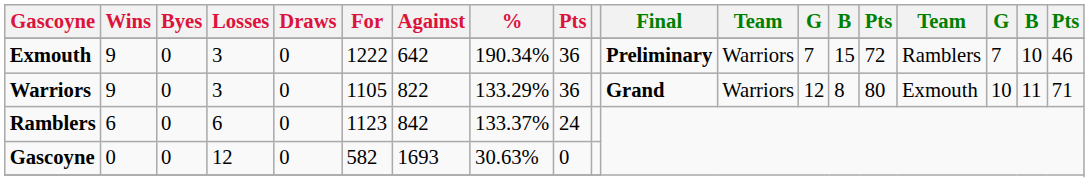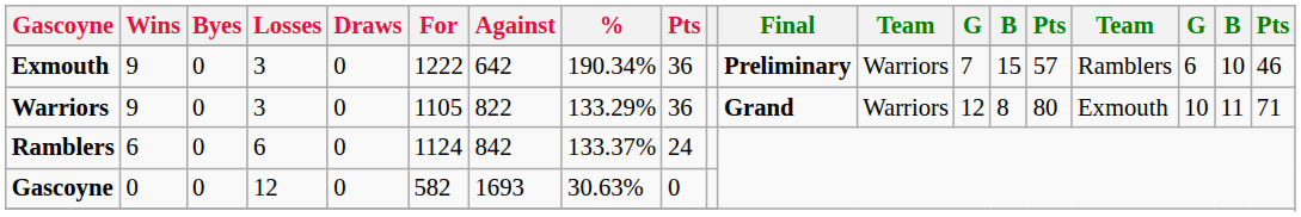 <table style="font-size: 85%; text-align: left;" class="wikitable">
 <tr>
 <th style="color:crimson">Gascoyne</th>
 <th style="color:crimson">Wins</th>
 <th style="color:crimson">Byes</th>
 <th style="color:crimson">Losses</th>
 <th style="color:crimson">Draws</th>
 <th style="color:crimson">For</th>
 <th style="color:crimson">Against</th>
 <th style="color:crimson">%</th>
 <th style="color:crimson">Pts</th>
 <th></th>
 <th style="color:green">Final</th>
 <th style="color:green">Team</th>
 <th style="color:green">G</th>
 <th style="color:green">B</th>
 <th style="color:green">Pts</th>
 <th style="color:green">Team</th>
 <th style="color:green">G</th>
 <th style="color:green">B</th>
 <th style="color:green">Pts</th>
 </tr>
 <tr>
 </tr>
 <tr>
 </tr>
 <tr>
 <td><strong>	Exmouth	</strong></td>
 <td>9</td>
 <td>0</td>
 <td>3</td>
 <td>0</td>
 <td>1222</td>
 <td>642</td>
 <td>190.34%</td>
 <td>36</td>
 <td></td>
 <td><strong>Preliminary</strong></td>
 <td>Warriors</td>
 <td>7</td>
 <td>15</td>
-<td>72</td>
+<td>57</td>
 <td>Ramblers</td>
-<td>7</td>
+<td>6</td>
 <td>10</td>
 <td>46</td>
 </tr>
 <tr>
 <td><strong>	Warriors	</strong></td>
 <td>9</td>
 <td>0</td>
 <td>3</td>
 <td>0</td>
 <td>1105</td>
 <td>822</td>
 <td>133.29%</td>
 <td>36</td>
 <td></td>
 <td><strong>Grand</strong></td>
 <td>Warriors</td>
 <td>12</td>
 <td>8</td>
 <td>80</td>
 <td>Exmouth</td>
 <td>10</td>
 <td>11</td>
 <td>71</td>
 </tr>
 <tr>
 <td><strong>	Ramblers	</strong></td>
 <td>6</td>
 <td>0</td>
 <td>6</td>
 <td>0</td>
-<td>1123</td>
+<td>1124</td>
 <td>842</td>
 <td>133.37%</td>
 <td>24</td>
 <td></td>
 </tr>
 <tr>
 <td><strong>	Gascoyne	</strong></td>
 <td>0</td>
 <td>0</td>
 <td>12</td>
 <td>0</td>
 <td>582</td>
 <td>1693</td>
 <td>30.63%</td>
 <td>0</td>
 <td></td>
 </tr>
 <tr>
 </tr>
 </table>
